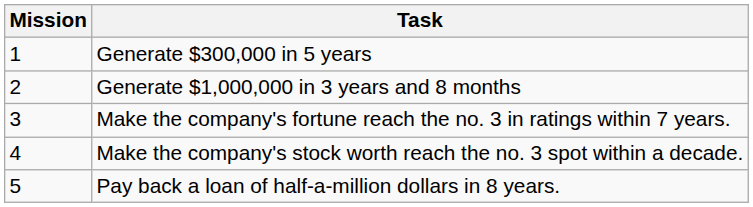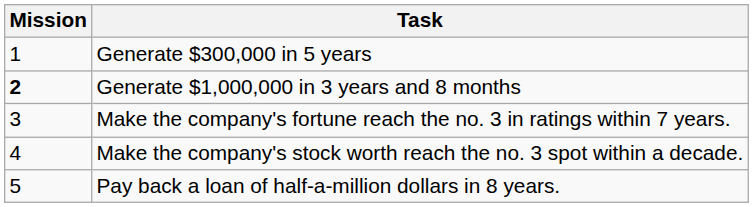 <table class="wikitable" border="1">
 <tr>
 <th>Mission</th>
 <th>Task</th>
 </tr>
 <tr>
 <td>1</td>
 <td>Generate $300,000 in 5 years</td>
 </tr>
 <tr>
-<td>2</td>
+<td><strong>2</strong></td>
 <td>Generate $1,000,000 in 3 years and 8 months</td>
 </tr>
 <tr>
 <td>3</td>
 <td>Make the company's fortune reach the no. 3 in ratings within 7 years.</td>
 </tr>
 <tr>
 <td>4</td>
 <td>Make the company's stock worth reach the no. 3 spot within a decade.</td>
 </tr>
 <tr>
 <td>5</td>
 <td>Pay back a loan of half-a-million dollars in 8 years.</td>
 </tr>
 </table>
